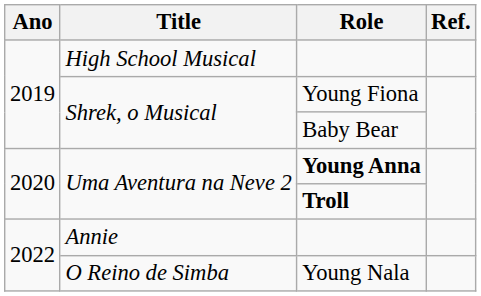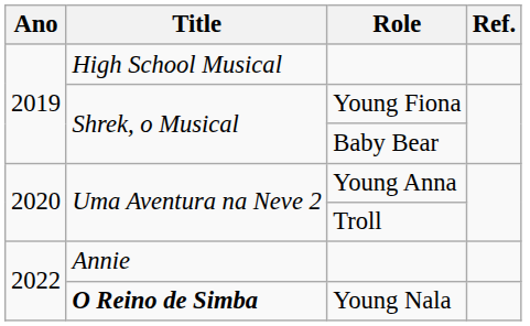 <table class="wikitable">
 <tr>
 <th>Ano</th>
 <th>Title</th>
 <th>Role</th>
 <th>Ref.</th>
 </tr>
 <tr>
 <td rowspan="3">2019</td>
 <td><em>High School Musical</em></td>
 <td></td>
 <td></td>
 </tr>
 <tr>
 <td rowspan="2"><em>Shrek, o Musical</em></td>
 <td>Young Fiona</td>
 <td rowspan="2"> </td>
 </tr>
 <tr>
 <td>Baby Bear</td>
 </tr>
 <tr>
 <td rowspan="2">2020</td>
 <td rowspan="2"><em>Uma Aventura na Neve 2</em></td>
-<td><strong>Young Anna</strong></td>
+<td>Young Anna</td>
 <td rowspan="2"></td>
 </tr>
 <tr>
-<td><strong>Troll</strong></td>
+<td>Troll</td>
 </tr>
 <tr>
 <td rowspan="2">2022</td>
 <td><em>Annie</em></td>
 <td></td>
 <td></td>
 </tr>
 <tr>
-<td><em>O Reino de Simba</em></td>
+<td><strong><em>O Reino de Simba</em></strong></td>
 <td>Young Nala</td>
 <td></td>
 </tr>
 </table>
